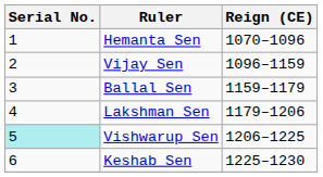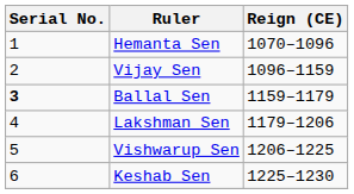 <table class="wikitable">
 <tr>
 <th>Serial No.</th>
 <th>Ruler</th>
 <th>Reign (CE)</th>
 </tr>
 <tr>
 <td>1</td>
 <td><a href='#'>Hemanta Sen</a></td>
 <td>1070–1096</td>
 </tr>
 <tr>
 <td>2</td>
 <td><a href='#'>Vijay Sen</a></td>
 <td>1096–1159</td>
 </tr>
 <tr>
-<td>3</td>
+<td><strong>3</strong></td>
 <td><a href='#'>Ballal Sen</a></td>
 <td>1159–1179</td>
 </tr>
 <tr>
 <td>4</td>
 <td><a href='#'>Lakshman Sen</a></td>
 <td>1179–1206</td>
 </tr>
 <tr>
-<td style="background: paleturquoise;">5</td>
+<td>5</td>
 <td><a href='#'>Vishwarup Sen</a></td>
 <td>1206–1225</td>
 </tr>
 <tr>
 <td>6</td>
 <td><a href='#'>Keshab Sen</a></td>
 <td>1225–1230</td>
 </tr>
 <tr>
 </tr>
 </table>
